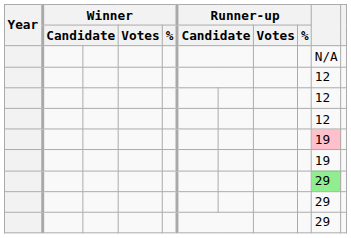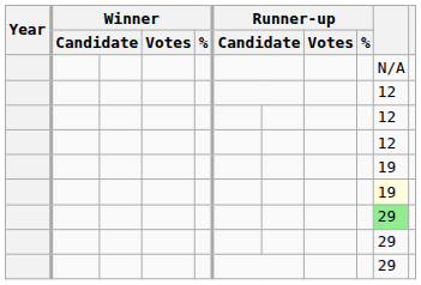 <table class="wikitable sortable">
 <tr>
 <th scope=col rowspan="2">Year</th>
 <th scope="colgroup" style="border-left:3px solid darkgray;" colspan="4">Winner</th>
 <th scope="colgroup" style="border-left:3px solid darkgray;" colspan="4">Runner-up</th>
 <th scope="col" class="unsortable" rowspan="2"></th>
 <th scope="col" class="unsortable" rowspan="2"></th>
 </tr>
 <tr>
 <th scope="colgroup" style="border-left:3px solid darkgray;" colspan="2">Candidate</th>
 <th scope="col" data-sort-type="number">Votes</th>
 <th scope="col"  data-sort-type="number">%</th>
 <th scope="colgroup" style="border-left:3px solid darkgray;" colspan="2">Candidate</th>
 <th scope="col"  data-sort-type="number">Votes</th>
 <th scope="col"  data-sort-type="number">%</th>
 </tr>
 <tr>
 <th scope="row"> </th>
 <td style="text-align:left; border-left:3px solid darkgray; background-color:"></td>
 <td><strong></strong> </td>
 <td></td>
 <td></td>
 <td style="border-left:3px solid darkgray;"colspan="2"></td>
 <td></td>
 <td></td>
 <td>N/A</td>
 <td {{Center></td>
 </tr>
 <tr>
 <th scope="row"> </th>
 <td style="text-align:left; border-left:3px solid darkgray; background-color:"></td>
 <td><strong></strong> </td>
 <td></td>
 <td></td>
 <td style="border-left:3px solid darkgray;"colspan="2"></td>
 <td></td>
 <td></td>
 <td>12</td>
 <td></td>
 </tr>
 <tr>
 <th scope="row"> </th>
 <td style="text-align:left; border-left:3px solid darkgray; background-color:"></td>
 <td><strong></strong> </td>
 <td></td>
 <td></td>
 <td style="text-align:left; border-left:3px solid darkgray; background-color:"></td>
 <td> </td>
 <td></td>
 <td></td>
 <td>12</td>
 <td></td>
 </tr>
 <tr>
 <th scope="row"> </th>
 <td style="text-align:left; border-left:3px solid darkgray; background-color:"></td>
 <td><strong></strong> </td>
 <td></td>
 <td></td>
 <td style="text-align:left; border-left:3px solid darkgray; background-color:"></td>
 <td> </td>
 <td></td>
 <td></td>
 <td>12</td>
 <td></td>
 </tr>
 <tr>
 <th scope="row"> </th>
 <td style="text-align:left; border-left:3px solid darkgray; background-color:"></td>
 <td><strong></strong> </td>
 <td></td>
 <td></td>
 <td style="text-align:left; border-left:3px solid darkgray; background-color:"></td>
 <td> </td>
 <td></td>
 <td></td>
-<td style="background: pink;">19</td>
+<td>19</td>
 <td></td>
 </tr>
 <tr>
 <th scope="row"> </th>
 <td style="text-align:left; border-left:3px solid darkgray; background-color:"></td>
 <td><strong></strong> </td>
 <td></td>
 <td></td>
 <td style="text-align:left; border-left:3px solid darkgray; background-color:"></td>
 <td> </td>
 <td></td>
 <td></td>
-<td>19</td>
+<td style="background: lightyellow;">19</td>
 <td></td>
 </tr>
 <tr>
 <th scope="row"> </th>
 <td style="text-align:left; border-left:3px solid darkgray; background-color:"></td>
 <td><strong></strong> </td>
 <td></td>
 <td></td>
 <td style="text-align:left; border-left:3px solid darkgray; background-color:"></td>
 <td> </td>
 <td></td>
 <td></td>
 <td style="background: lightgreen;">29</td>
 <td></td>
 </tr>
 <tr>
 <th scope="row"> </th>
 <td style="text-align:left; border-left:3px solid darkgray; background-color:"></td>
 <td><strong></strong> </td>
 <td></td>
 <td></td>
 <td style="text-align:left; border-left:3px solid darkgray; background-color:"></td>
 <td> </td>
 <td></td>
 <td></td>
 <td>29</td>
 <td></td>
 </tr>
 <tr>
 <th scope="row"> </th>
 <td style="text-align:left; border-left:3px solid darkgray; background-color:"></td>
 <td><strong></strong> </td>
 <td></td>
 <td></td>
 <td style="border-left:3px solid darkgray;"colspan="2"></td>
 <td></td>
 <td></td>
 <td>29</td>
 <td></td>
 </tr>
 </table>
